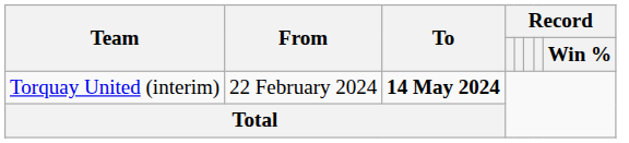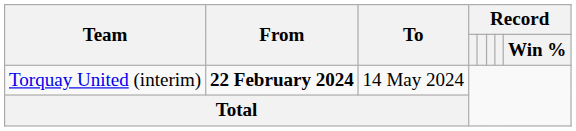 <table class=wikitable style=text-align:center>
 <tr>
 <th rowspan=2>Team</th>
 <th rowspan=2>From</th>
 <th rowspan=2>To</th>
 <th colspan=7>Record</th>
 </tr>
 <tr>
 <th></th>
 <th></th>
 <th></th>
 <th></th>
 <th>Win %</th>
 </tr>
 <tr>
 <td align=left><a href='#'>Torquay United</a> (interim)</td>
-<td align=left>22 February 2024</td>
-<td align=left><strong>14 May 2024<br></strong></td>
+<td align=left><strong>22 February 2024</strong></td>
+<td align=left>14 May 2024<br></td>
 </tr>
 <tr>
 <th colspan=3>Total<br></th>
 </tr>
 </table>
